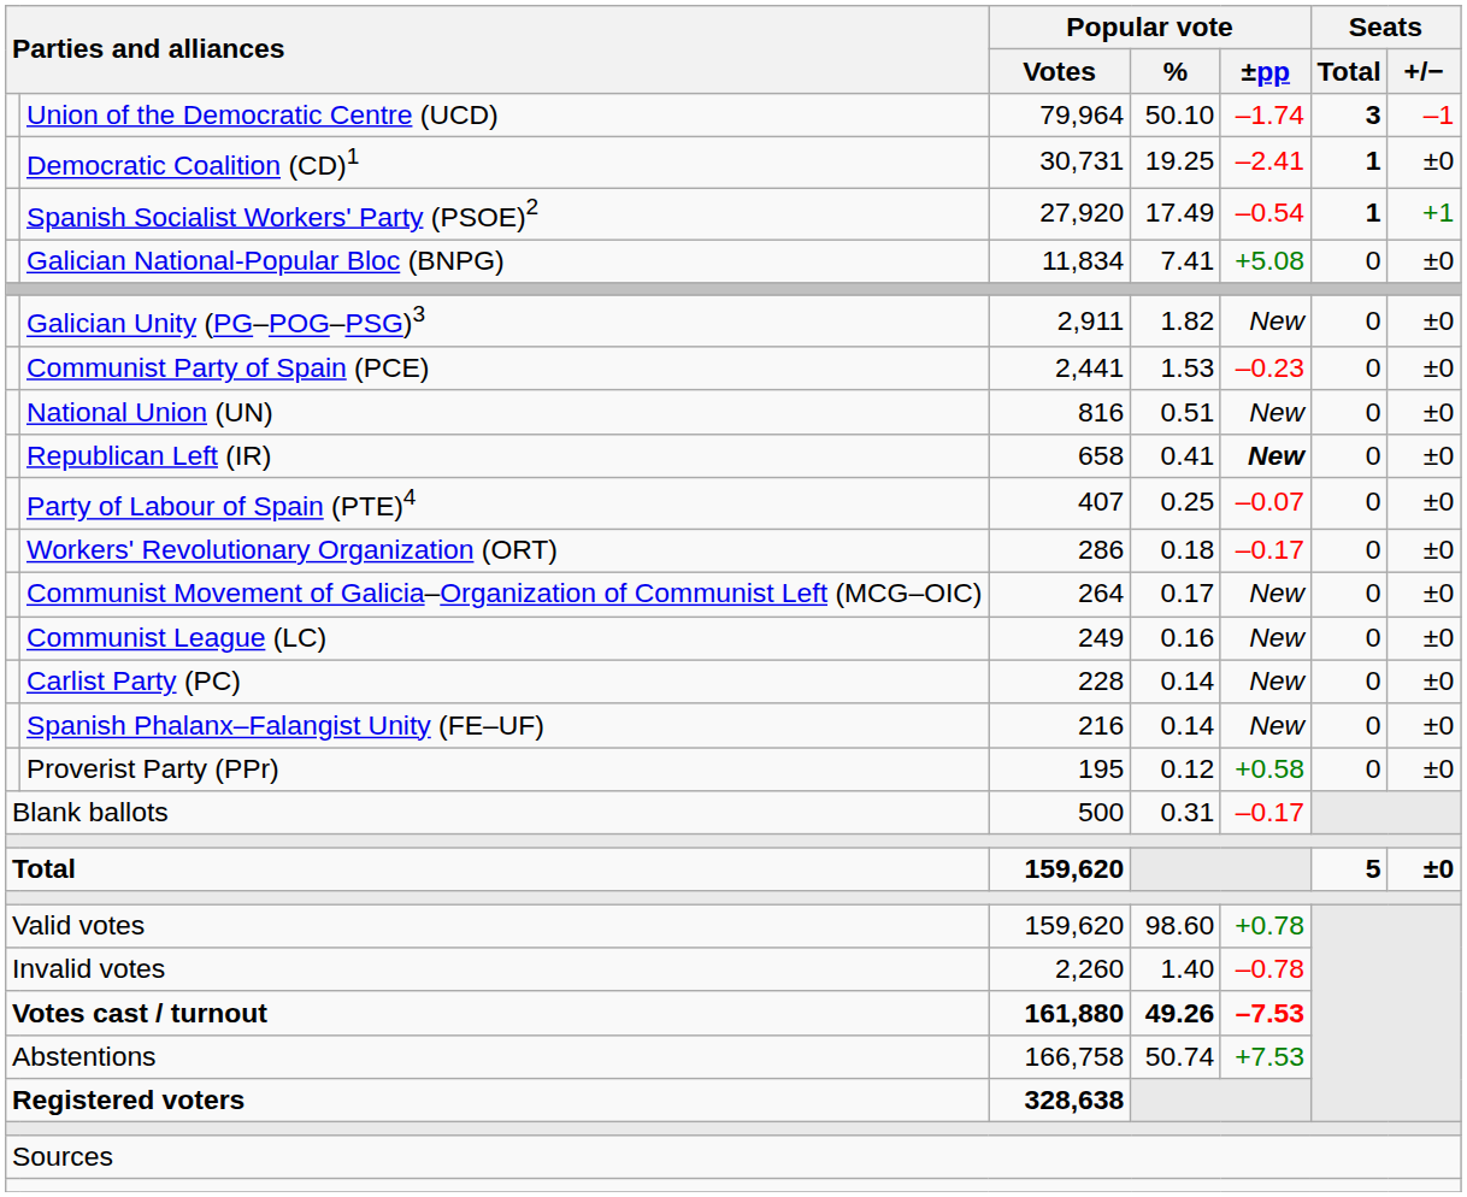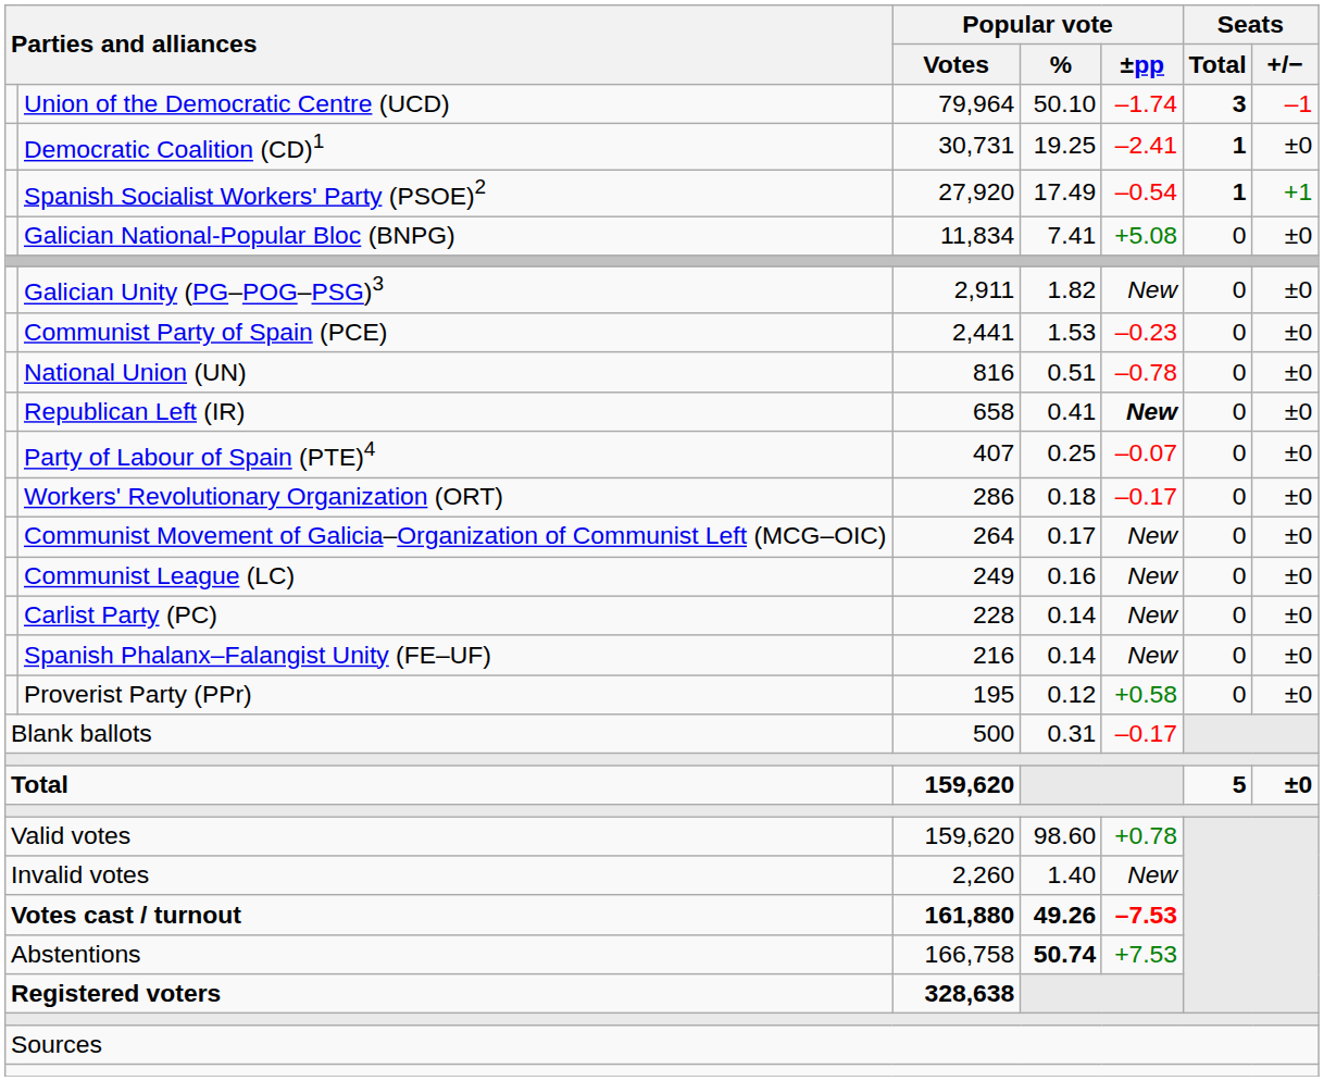 <table class="wikitable" style="text-align:right;">
 <tr>
 <th style="text-align:left;" rowspan="2" colspan="2" width="525">Parties and alliances</th>
 <th colspan="3">Popular vote</th>
 <th colspan="2">Seats</th>
 </tr>
 <tr>
 <th width="75">Votes</th>
 <th width="45">%</th>
 <th width="45">±<a href='#'>pp</a></th>
 <th width="35">Total</th>
 <th width="35">+/−</th>
 </tr>
 <tr>
 <td width="1" style="color:inherit;background:"></td>
 <td align="left"><a href='#'>Union of the Democratic Centre</a> (UCD)</td>
 <td>79,964</td>
 <td>50.10</td>
 <td style="color:red;">–1.74</td>
 <td><strong>3</strong></td>
 <td style="color:red;">–1</td>
 </tr>
 <tr>
 <td style="color:inherit;background:"></td>
 <td align="left"><a href='#'>Democratic Coalition</a> (CD)<sup>1</sup></td>
 <td>30,731</td>
 <td>19.25</td>
 <td style="color:red;">–2.41</td>
 <td><strong>1</strong></td>
 <td>±0</td>
 </tr>
 <tr>
 <td style="color:inherit;background:"></td>
 <td align="left"><a href='#'>Spanish Socialist Workers' Party</a> (PSOE)<sup>2</sup></td>
 <td>27,920</td>
 <td>17.49</td>
 <td style="color:red;">–0.54</td>
 <td><strong>1</strong></td>
 <td style="color:green;">+1</td>
 </tr>
 <tr>
 <td style="color:inherit;background:"></td>
 <td align="left"><a href='#'>Galician National-Popular Bloc</a> (BNPG)</td>
 <td>11,834</td>
 <td>7.41</td>
 <td style="color:green;">+5.08</td>
 <td>0</td>
 <td>±0</td>
 </tr>
 <tr>
 <td colspan="7" bgcolor="#C0C0C0"></td>
 </tr>
 <tr>
 <td style="color:inherit;background:"></td>
 <td align="left"><a href='#'>Galician Unity</a> (<a href='#'>PG</a>–<a href='#'>POG</a>–<a href='#'>PSG</a>)<sup>3</sup></td>
 <td>2,911</td>
 <td>1.82</td>
 <td><em>New</em></td>
 <td>0</td>
 <td>±0</td>
 </tr>
 <tr>
 <td style="color:inherit;background:"></td>
 <td align="left"><a href='#'>Communist Party of Spain</a> (PCE)</td>
 <td>2,441</td>
 <td>1.53</td>
 <td style="color:red;">–0.23</td>
 <td>0</td>
 <td>±0</td>
 </tr>
 <tr>
 <td style="color:inherit;background:"></td>
 <td align="left"><a href='#'>National Union</a> (UN)</td>
 <td>816</td>
 <td>0.51</td>
-<td><em>New</em></td>
+<td style="color:red;">–0.78</td>
 <td>0</td>
 <td>±0</td>
 </tr>
 <tr>
 <td style="color:inherit;background:"></td>
 <td align="left"><a href='#'>Republican Left</a> (IR)</td>
 <td>658</td>
 <td>0.41</td>
 <td><strong><em>New</em></strong></td>
 <td>0</td>
 <td>±0</td>
 </tr>
 <tr>
 <td style="color:inherit;background:"></td>
 <td align="left"><a href='#'>Party of Labour of Spain</a> (PTE)<sup>4</sup></td>
 <td>407</td>
 <td>0.25</td>
 <td style="color:red;">–0.07</td>
 <td>0</td>
 <td>±0</td>
 </tr>
 <tr>
 <td style="color:inherit;background:"></td>
 <td align="left"><a href='#'>Workers' Revolutionary Organization</a> (ORT)</td>
 <td>286</td>
 <td>0.18</td>
 <td style="color:red;">–0.17</td>
 <td>0</td>
 <td>±0</td>
 </tr>
 <tr>
 <td style="color:inherit;background:"></td>
 <td align="left"><a href='#'>Communist Movement of Galicia</a>–<a href='#'>Organization of Communist Left</a> (MCG–OIC)</td>
 <td>264</td>
 <td>0.17</td>
 <td><em>New</em></td>
 <td>0</td>
 <td>±0</td>
 </tr>
 <tr>
 <td style="color:inherit;background:"></td>
 <td align="left"><a href='#'>Communist League</a> (LC)</td>
 <td>249</td>
 <td>0.16</td>
 <td><em>New</em></td>
 <td>0</td>
 <td>±0</td>
 </tr>
 <tr>
 <td style="color:inherit;background:"></td>
 <td align="left"><a href='#'>Carlist Party</a> (PC)</td>
 <td>228</td>
 <td>0.14</td>
 <td><em>New</em></td>
 <td>0</td>
 <td>±0</td>
 </tr>
 <tr>
 <td style="color:inherit;background:"></td>
 <td align="left"><a href='#'>Spanish Phalanx–Falangist Unity</a> (FE–UF)</td>
 <td>216</td>
 <td>0.14</td>
 <td><em>New</em></td>
 <td>0</td>
 <td>±0</td>
 </tr>
 <tr>
 <td style="color:inherit;background:"></td>
 <td align="left">Proverist Party (PPr)</td>
 <td>195</td>
 <td>0.12</td>
 <td style="color:green;">+0.58</td>
 <td>0</td>
 <td>±0</td>
 </tr>
 <tr>
 <td align="left" colspan="2">Blank ballots</td>
 <td>500</td>
 <td>0.31</td>
 <td style="color:red;">–0.17</td>
 <td bgcolor="#E9E9E9" colspan="2"></td>
 </tr>
 <tr>
 <td colspan="7" bgcolor="#E9E9E9"></td>
 </tr>
 <tr style="font-weight:bold;">
 <td align="left" colspan="2">Total</td>
 <td>159,620</td>
 <td bgcolor="#E9E9E9" colspan="2"></td>
 <td>5</td>
 <td>±0</td>
 </tr>
 <tr>
 <td colspan="7" bgcolor="#E9E9E9"></td>
 </tr>
 <tr>
 <td align="left" colspan="2">Valid votes</td>
 <td>159,620</td>
 <td>98.60</td>
 <td style="color:green;">+0.78</td>
 <td bgcolor="#E9E9E9" colspan="2" rowspan="5"></td>
 </tr>
 <tr>
 <td align="left" colspan="2">Invalid votes</td>
 <td>2,260</td>
 <td>1.40</td>
-<td style="color:red;">–0.78</td>
+<td><em>New</em></td>
 </tr>
 <tr style="font-weight:bold;">
 <td align="left" colspan="2">Votes cast / turnout</td>
 <td>161,880</td>
 <td>49.26</td>
 <td style="color:red;">–7.53</td>
 </tr>
 <tr>
 <td align="left" colspan="2">Abstentions</td>
 <td>166,758</td>
-<td>50.74</td>
+<td><strong>50.74</strong></td>
 <td style="color:green;">+7.53</td>
 </tr>
 <tr style="font-weight:bold;">
 <td align="left" colspan="2">Registered voters</td>
 <td>328,638</td>
 <td bgcolor="#E9E9E9" colspan="2"></td>
 </tr>
 <tr>
 <td colspan="7" bgcolor="#E9E9E9"></td>
 </tr>
 <tr>
 <td align="left" colspan="7">Sources</td>
 </tr>
 <tr>
 <td colspan="7" style="text-align:left; max-width:790px;"></td>
 </tr>
 </table>
